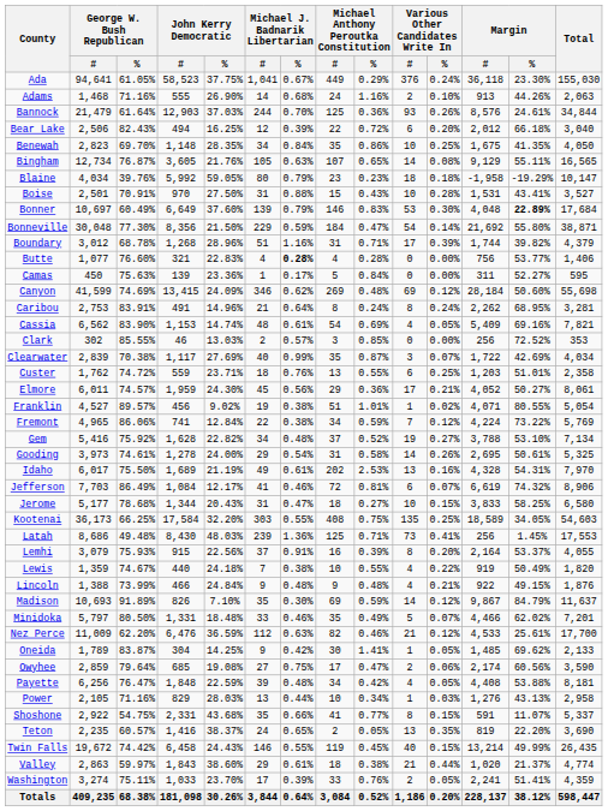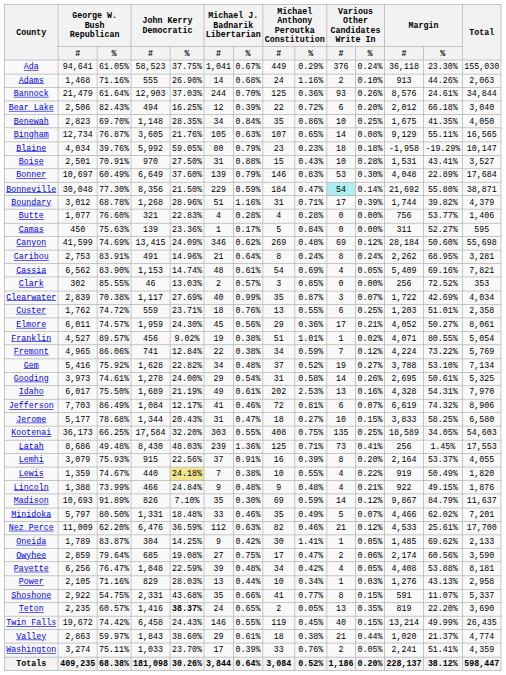 <table class="wikitable sortable" style="text-align:center" width="60%">
 <tr>
 <th rowspan="2">County</th>
 <th colspan="2">George W. Bush<br>Republican</th>
 <th colspan="2">John Kerry<br>Democratic</th>
 <th colspan="2">Michael J. Badnarik<br>Libertarian</th>
 <th colspan="2">Michael Anthony Peroutka<br>Constitution</th>
 <th colspan="2">Various Other Candidates<br>Write In</th>
 <th colspan="2">Margin</th>
 <th rowspan="2">Total</th>
 </tr>
 <tr>
 <th style="text-align:center;" data-sort-type="number">#</th>
 <th style="text-align:center;" data-sort-type="number">%</th>
 <th style="text-align:center;" data-sort-type="number">#</th>
 <th style="text-align:center;" data-sort-type="number">%</th>
 <th style="text-align:center;" data-sort-type="number">#</th>
 <th style="text-align:center;" data-sort-type="number">%</th>
 <th style="text-align:center;" data-sort-type="number">#</th>
 <th style="text-align:center;" data-sort-type="number">%</th>
 <th style="text-align:center;" data-sort-type="number">#</th>
 <th style="text-align:center;" data-sort-type="number">%</th>
 <th style="text-align:center;" data-sort-type="number">#</th>
 <th style="text-align:center;" data-sort-type="number">%</th>
 </tr>
 <tr style="text-align:center;">
 <td><a href='#'>Ada</a></td>
 <td>94,641</td>
 <td>61.05%</td>
 <td>58,523</td>
 <td>37.75%</td>
 <td>1,041</td>
 <td>0.67%</td>
 <td>449</td>
 <td>0.29%</td>
 <td>376</td>
 <td>0.24%</td>
 <td>36,118</td>
 <td>23.30%</td>
 <td>155,030</td>
 </tr>
 <tr style="text-align:center;">
 <td><a href='#'>Adams</a></td>
 <td>1,468</td>
 <td>71.16%</td>
 <td>555</td>
 <td>26.90%</td>
 <td>14</td>
 <td>0.68%</td>
 <td>24</td>
 <td>1.16%</td>
 <td>2</td>
 <td>0.10%</td>
 <td>913</td>
 <td>44.26%</td>
 <td>2,063</td>
 </tr>
 <tr style="text-align:center;">
 <td><a href='#'>Bannock</a></td>
 <td>21,479</td>
 <td>61.64%</td>
 <td>12,903</td>
 <td>37.03%</td>
 <td>244</td>
 <td>0.70%</td>
 <td>125</td>
 <td>0.36%</td>
 <td>93</td>
 <td>0.26%</td>
 <td>8,576</td>
 <td>24.61%</td>
 <td>34,844</td>
 </tr>
 <tr style="text-align:center;">
 <td><a href='#'>Bear Lake</a></td>
 <td>2,506</td>
 <td>82.43%</td>
 <td>494</td>
 <td>16.25%</td>
 <td>12</td>
 <td>0.39%</td>
 <td>22</td>
 <td>0.72%</td>
 <td>6</td>
 <td>0.20%</td>
 <td>2,012</td>
 <td>66.18%</td>
 <td>3,040</td>
 </tr>
 <tr style="text-align:center;">
 <td><a href='#'>Benewah</a></td>
 <td>2,823</td>
 <td>69.70%</td>
 <td>1,148</td>
 <td>28.35%</td>
 <td>34</td>
 <td>0.84%</td>
 <td>35</td>
 <td>0.86%</td>
 <td>10</td>
 <td>0.25%</td>
 <td>1,675</td>
 <td>41.35%</td>
 <td>4,050</td>
 </tr>
 <tr style="text-align:center;">
 <td><a href='#'>Bingham</a></td>
 <td>12,734</td>
 <td>76.87%</td>
 <td>3,605</td>
 <td>21.76%</td>
 <td>105</td>
 <td>0.63%</td>
 <td>107</td>
 <td>0.65%</td>
 <td>14</td>
 <td>0.08%</td>
 <td>9,129</td>
 <td>55.11%</td>
 <td>16,565</td>
 </tr>
 <tr style="text-align:center;">
 <td><a href='#'>Blaine</a></td>
 <td>4,034</td>
 <td>39.76%</td>
 <td>5,992</td>
 <td>59.05%</td>
 <td>80</td>
 <td>0.79%</td>
 <td>23</td>
 <td>0.23%</td>
 <td>18</td>
 <td>0.18%</td>
 <td>-1,958</td>
 <td>-19.29%</td>
 <td>10,147</td>
 </tr>
 <tr style="text-align:center;">
 <td><a href='#'>Boise</a></td>
 <td>2,501</td>
 <td>70.91%</td>
 <td>970</td>
 <td>27.50%</td>
 <td>31</td>
 <td>0.88%</td>
 <td>15</td>
 <td>0.43%</td>
 <td>10</td>
 <td>0.28%</td>
 <td>1,531</td>
 <td>43.41%</td>
 <td>3,527</td>
 </tr>
 <tr style="text-align:center;">
 <td><a href='#'>Bonner</a></td>
 <td>10,697</td>
 <td>60.49%</td>
 <td>6,649</td>
 <td>37.60%</td>
 <td>139</td>
 <td>0.79%</td>
 <td>146</td>
 <td>0.83%</td>
 <td>53</td>
 <td>0.30%</td>
 <td>4,048</td>
-<td><strong>22.89%</strong></td>
+<td>22.89%</td>
 <td>17,684</td>
 </tr>
 <tr style="text-align:center;">
 <td><a href='#'>Bonneville</a></td>
 <td>30,048</td>
 <td>77.30%</td>
 <td>8,356</td>
 <td>21.50%</td>
 <td>229</td>
 <td>0.59%</td>
 <td>184</td>
 <td>0.47%</td>
-<td>54</td>
+<td style="background: paleturquoise;">54</td>
 <td>0.14%</td>
 <td>21,692</td>
 <td>55.80%</td>
 <td>38,871</td>
 </tr>
 <tr style="text-align:center;">
 <td><a href='#'>Boundary</a></td>
 <td>3,012</td>
 <td>68.78%</td>
 <td>1,268</td>
 <td>28.96%</td>
 <td>51</td>
 <td>1.16%</td>
 <td>31</td>
 <td>0.71%</td>
 <td>17</td>
 <td>0.39%</td>
 <td>1,744</td>
 <td>39.82%</td>
 <td>4,379</td>
 </tr>
 <tr style="text-align:center;">
 <td><a href='#'>Butte</a></td>
 <td>1,077</td>
 <td>76.60%</td>
 <td>321</td>
 <td>22.83%</td>
 <td>4</td>
-<td><strong>0.28%</strong></td>
+<td>0.28%</td>
 <td>4</td>
 <td>0.28%</td>
 <td>0</td>
 <td>0.00%</td>
 <td>756</td>
 <td>53.77%</td>
 <td>1,406</td>
 </tr>
 <tr style="text-align:center;">
 <td><a href='#'>Camas</a></td>
 <td>450</td>
 <td>75.63%</td>
 <td>139</td>
 <td>23.36%</td>
 <td>1</td>
 <td>0.17%</td>
 <td>5</td>
 <td>0.84%</td>
 <td>0</td>
 <td>0.00%</td>
 <td>311</td>
 <td>52.27%</td>
 <td>595</td>
 </tr>
 <tr style="text-align:center;">
 <td><a href='#'>Canyon</a></td>
 <td>41,599</td>
 <td>74.69%</td>
 <td>13,415</td>
 <td>24.09%</td>
 <td>346</td>
 <td>0.62%</td>
 <td>269</td>
 <td>0.48%</td>
 <td>69</td>
 <td>0.12%</td>
 <td>28,184</td>
 <td>50.60%</td>
 <td>55,698</td>
 </tr>
 <tr style="text-align:center;">
 <td><a href='#'>Caribou</a></td>
 <td>2,753</td>
 <td>83.91%</td>
 <td>491</td>
 <td>14.96%</td>
 <td>21</td>
 <td>0.64%</td>
 <td>8</td>
 <td>0.24%</td>
 <td>8</td>
 <td>0.24%</td>
 <td>2,262</td>
 <td>68.95%</td>
 <td>3,281</td>
 </tr>
 <tr style="text-align:center;">
 <td><a href='#'>Cassia</a></td>
 <td>6,562</td>
 <td>83.90%</td>
 <td>1,153</td>
 <td>14.74%</td>
 <td>48</td>
 <td>0.61%</td>
 <td>54</td>
 <td>0.69%</td>
 <td>4</td>
 <td>0.05%</td>
 <td>5,409</td>
 <td>69.16%</td>
 <td>7,821</td>
 </tr>
 <tr style="text-align:center;">
 <td><a href='#'>Clark</a></td>
 <td>302</td>
 <td>85.55%</td>
 <td>46</td>
 <td>13.03%</td>
 <td>2</td>
 <td>0.57%</td>
 <td>3</td>
 <td>0.85%</td>
 <td>0</td>
 <td>0.00%</td>
 <td>256</td>
 <td>72.52%</td>
 <td>353</td>
 </tr>
 <tr style="text-align:center;">
 <td><a href='#'>Clearwater</a></td>
 <td>2,839</td>
 <td>70.38%</td>
 <td>1,117</td>
 <td>27.69%</td>
 <td>40</td>
 <td>0.99%</td>
 <td>35</td>
 <td>0.87%</td>
 <td>3</td>
 <td>0.07%</td>
 <td>1,722</td>
 <td>42.69%</td>
 <td>4,034</td>
 </tr>
 <tr style="text-align:center;">
 <td><a href='#'>Custer</a></td>
 <td>1,762</td>
 <td>74.72%</td>
 <td>559</td>
 <td>23.71%</td>
 <td>18</td>
 <td>0.76%</td>
 <td>13</td>
 <td>0.55%</td>
 <td>6</td>
 <td>0.25%</td>
 <td>1,203</td>
 <td>51.01%</td>
 <td>2,358</td>
 </tr>
 <tr style="text-align:center;">
 <td><a href='#'>Elmore</a></td>
 <td>6,011</td>
 <td>74.57%</td>
 <td>1,959</td>
 <td>24.30%</td>
 <td>45</td>
 <td>0.56%</td>
 <td>29</td>
 <td>0.36%</td>
 <td>17</td>
 <td>0.21%</td>
 <td>4,052</td>
 <td>50.27%</td>
 <td>8,061</td>
 </tr>
 <tr style="text-align:center;">
 <td><a href='#'>Franklin</a></td>
 <td>4,527</td>
 <td>89.57%</td>
 <td>456</td>
 <td>9.02%</td>
 <td>19</td>
 <td>0.38%</td>
 <td>51</td>
 <td>1.01%</td>
 <td>1</td>
 <td>0.02%</td>
 <td>4,071</td>
 <td>80.55%</td>
 <td>5,054</td>
 </tr>
 <tr style="text-align:center;">
 <td><a href='#'>Fremont</a></td>
 <td>4,965</td>
 <td>86.06%</td>
 <td>741</td>
 <td>12.84%</td>
 <td>22</td>
 <td>0.38%</td>
 <td>34</td>
 <td>0.59%</td>
 <td>7</td>
 <td>0.12%</td>
 <td>4,224</td>
 <td>73.22%</td>
 <td>5,769</td>
 </tr>
 <tr style="text-align:center;">
 <td><a href='#'>Gem</a></td>
 <td>5,416</td>
 <td>75.92%</td>
 <td>1,628</td>
 <td>22.82%</td>
 <td>34</td>
 <td>0.48%</td>
 <td>37</td>
 <td>0.52%</td>
 <td>19</td>
 <td>0.27%</td>
 <td>3,788</td>
 <td>53.10%</td>
 <td>7,134</td>
 </tr>
 <tr style="text-align:center;">
 <td><a href='#'>Gooding</a></td>
 <td>3,973</td>
 <td>74.61%</td>
 <td>1,278</td>
 <td>24.00%</td>
 <td>29</td>
 <td>0.54%</td>
 <td>31</td>
 <td>0.58%</td>
 <td>14</td>
 <td>0.26%</td>
 <td>2,695</td>
 <td>50.61%</td>
 <td>5,325</td>
 </tr>
 <tr style="text-align:center;">
 <td><a href='#'>Idaho</a></td>
 <td>6,017</td>
 <td>75.50%</td>
 <td>1,689</td>
 <td>21.19%</td>
 <td>49</td>
 <td>0.61%</td>
 <td>202</td>
 <td>2.53%</td>
 <td>13</td>
 <td>0.16%</td>
 <td>4,328</td>
 <td>54.31%</td>
 <td>7,970</td>
 </tr>
 <tr style="text-align:center;">
 <td><a href='#'>Jefferson</a></td>
 <td>7,703</td>
 <td>86.49%</td>
 <td>1,084</td>
 <td>12.17%</td>
 <td>41</td>
 <td>0.46%</td>
 <td>72</td>
 <td>0.81%</td>
 <td>6</td>
 <td>0.07%</td>
 <td>6,619</td>
 <td>74.32%</td>
 <td>8,906</td>
 </tr>
 <tr style="text-align:center;">
 <td><a href='#'>Jerome</a></td>
 <td>5,177</td>
 <td>78.68%</td>
 <td>1,344</td>
 <td>20.43%</td>
 <td>31</td>
 <td>0.47%</td>
 <td>18</td>
 <td>0.27%</td>
 <td>10</td>
 <td>0.15%</td>
 <td>3,833</td>
 <td>58.25%</td>
 <td>6,580</td>
 </tr>
 <tr style="text-align:center;">
 <td><a href='#'>Kootenai</a></td>
 <td>36,173</td>
 <td>66.25%</td>
 <td>17,584</td>
 <td>32.20%</td>
 <td>303</td>
 <td>0.55%</td>
 <td>408</td>
 <td>0.75%</td>
 <td>135</td>
 <td>0.25%</td>
 <td>18,589</td>
 <td>34.05%</td>
 <td>54,603</td>
 </tr>
 <tr style="text-align:center;">
 <td><a href='#'>Latah</a></td>
 <td>8,686</td>
 <td>49.48%</td>
 <td>8,430</td>
 <td>48.03%</td>
 <td>239</td>
 <td>1.36%</td>
 <td>125</td>
 <td>0.71%</td>
 <td>73</td>
 <td>0.41%</td>
 <td>256</td>
 <td>1.45%</td>
 <td>17,553</td>
 </tr>
 <tr style="text-align:center;">
 <td><a href='#'>Lemhi</a></td>
 <td>3,079</td>
 <td>75.93%</td>
 <td>915</td>
 <td>22.56%</td>
 <td>37</td>
 <td>0.91%</td>
 <td>16</td>
 <td>0.39%</td>
 <td>8</td>
 <td>0.20%</td>
 <td>2,164</td>
 <td>53.37%</td>
 <td>4,055</td>
 </tr>
 <tr style="text-align:center;">
 <td><a href='#'>Lewis</a></td>
 <td>1,359</td>
 <td>74.67%</td>
 <td>440</td>
-<td>24.18%</td>
+<td style="background: khaki;">24.18%</td>
 <td>7</td>
 <td>0.38%</td>
 <td>10</td>
 <td>0.55%</td>
 <td>4</td>
 <td>0.22%</td>
 <td>919</td>
 <td>50.49%</td>
 <td>1,820</td>
 </tr>
 <tr style="text-align:center;">
 <td><a href='#'>Lincoln</a></td>
 <td>1,388</td>
 <td>73.99%</td>
 <td>466</td>
 <td>24.84%</td>
 <td>9</td>
 <td>0.48%</td>
 <td>9</td>
 <td>0.48%</td>
 <td>4</td>
 <td>0.21%</td>
 <td>922</td>
 <td>49.15%</td>
 <td>1,876</td>
 </tr>
 <tr style="text-align:center;">
 <td><a href='#'>Madison</a></td>
 <td>10,693</td>
 <td>91.89%</td>
 <td>826</td>
 <td>7.10%</td>
 <td>35</td>
 <td>0.30%</td>
 <td>69</td>
 <td>0.59%</td>
 <td>14</td>
 <td>0.12%</td>
 <td>9,867</td>
 <td>84.79%</td>
 <td>11,637</td>
 </tr>
 <tr style="text-align:center;">
 <td><a href='#'>Minidoka</a></td>
 <td>5,797</td>
 <td>80.50%</td>
 <td>1,331</td>
 <td>18.48%</td>
 <td>33</td>
 <td>0.46%</td>
 <td>35</td>
 <td>0.49%</td>
 <td>5</td>
 <td>0.07%</td>
 <td>4,466</td>
 <td>62.02%</td>
 <td>7,201</td>
 </tr>
 <tr style="text-align:center;">
 <td><a href='#'>Nez Perce</a></td>
 <td>11,009</td>
 <td>62.20%</td>
 <td>6,476</td>
 <td>36.59%</td>
 <td>112</td>
 <td>0.63%</td>
 <td>82</td>
 <td>0.46%</td>
 <td>21</td>
 <td>0.12%</td>
 <td>4,533</td>
 <td>25.61%</td>
 <td>17,700</td>
 </tr>
 <tr style="text-align:center;">
 <td><a href='#'>Oneida</a></td>
 <td>1,789</td>
 <td>83.87%</td>
 <td>304</td>
 <td>14.25%</td>
 <td>9</td>
 <td>0.42%</td>
 <td>30</td>
 <td>1.41%</td>
 <td>1</td>
 <td>0.05%</td>
 <td>1,485</td>
 <td>69.62%</td>
 <td>2,133</td>
 </tr>
 <tr style="text-align:center;">
 <td><a href='#'>Owyhee</a></td>
 <td>2,859</td>
 <td>79.64%</td>
 <td>685</td>
 <td>19.08%</td>
 <td>27</td>
 <td>0.75%</td>
 <td>17</td>
 <td>0.47%</td>
 <td>2</td>
 <td>0.06%</td>
 <td>2,174</td>
 <td>60.56%</td>
 <td>3,590</td>
 </tr>
 <tr style="text-align:center;">
 <td><a href='#'>Payette</a></td>
 <td>6,256</td>
 <td>76.47%</td>
 <td>1,848</td>
 <td>22.59%</td>
 <td>39</td>
 <td>0.48%</td>
 <td>34</td>
 <td>0.42%</td>
 <td>4</td>
 <td>0.05%</td>
 <td>4,408</td>
 <td>53.88%</td>
 <td>8,181</td>
 </tr>
 <tr style="text-align:center;">
 <td><a href='#'>Power</a></td>
 <td>2,105</td>
 <td>71.16%</td>
 <td>829</td>
 <td>28.03%</td>
 <td>13</td>
 <td>0.44%</td>
 <td>10</td>
 <td>0.34%</td>
 <td>1</td>
 <td>0.03%</td>
 <td>1,276</td>
 <td>43.13%</td>
 <td>2,958</td>
 </tr>
 <tr style="text-align:center;">
 <td><a href='#'>Shoshone</a></td>
 <td>2,922</td>
 <td>54.75%</td>
 <td>2,331</td>
 <td>43.68%</td>
 <td>35</td>
 <td>0.66%</td>
 <td>41</td>
 <td>0.77%</td>
 <td>8</td>
 <td>0.15%</td>
 <td>591</td>
 <td>11.07%</td>
 <td>5,337</td>
 </tr>
 <tr style="text-align:center;">
 <td><a href='#'>Teton</a></td>
 <td>2,235</td>
 <td>60.57%</td>
 <td>1,416</td>
-<td>38.37%</td>
+<td><strong>38.37%</strong></td>
 <td>24</td>
 <td>0.65%</td>
 <td>2</td>
 <td>0.05%</td>
 <td>13</td>
 <td>0.35%</td>
 <td>819</td>
 <td>22.20%</td>
 <td>3,690</td>
 </tr>
 <tr style="text-align:center;">
 <td><a href='#'>Twin Falls</a></td>
 <td>19,672</td>
 <td>74.42%</td>
 <td>6,458</td>
 <td>24.43%</td>
 <td>146</td>
 <td>0.55%</td>
 <td>119</td>
 <td>0.45%</td>
 <td>40</td>
 <td>0.15%</td>
 <td>13,214</td>
 <td>49.99%</td>
 <td>26,435</td>
 </tr>
 <tr style="text-align:center;">
 <td><a href='#'>Valley</a></td>
 <td>2,863</td>
 <td>59.97%</td>
 <td>1,843</td>
 <td>38.60%</td>
 <td>29</td>
 <td>0.61%</td>
 <td>18</td>
 <td>0.38%</td>
 <td>21</td>
 <td>0.44%</td>
 <td>1,020</td>
 <td>21.37%</td>
 <td>4,774</td>
 </tr>
 <tr style="text-align:center;">
 <td><a href='#'>Washington</a></td>
 <td>3,274</td>
 <td>75.11%</td>
 <td>1,033</td>
 <td>23.70%</td>
 <td>17</td>
 <td>0.39%</td>
 <td>33</td>
 <td>0.76%</td>
 <td>2</td>
 <td>0.05%</td>
 <td>2,241</td>
 <td>51.41%</td>
 <td>4,359</td>
 </tr>
 <tr style="text-align:center;">
 <th>Totals</th>
 <th>409,235</th>
 <th>68.38%</th>
 <th>181,098</th>
 <th>30.26%</th>
 <th>3,844</th>
 <th>0.64%</th>
 <th>3,084</th>
 <th>0.52%</th>
 <th>1,186</th>
 <th>0.20%</th>
 <th>228,137</th>
 <th>38.12%</th>
 <th>598,447</th>
 </tr>
 </table>
